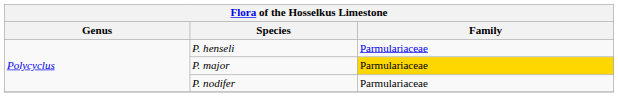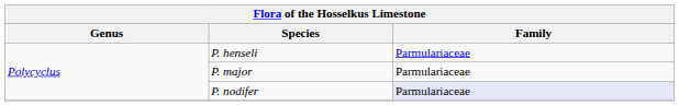 <table class="wikitable sortable mw-collapsible" align="center" width="100%">
 <tr>
 <th colspan="3" align="center"><strong><a href='#'>Flora</a> of the Hosselkus Limestone</strong></th>
 </tr>
 <tr>
 <th>Genus</th>
 <th>Species</th>
 <th>Family</th>
 </tr>
 <tr>
 <td rowspan="3"><em><a href='#'>Polycyclus</a></em></td>
 <td><em>P. henseli</em></td>
 <td><a href='#'>Parmulariaceae</a></td>
 </tr>
 <tr>
 <td><em>P. major</em></td>
-<td style="background: gold;">Parmulariaceae</td>
+<td>Parmulariaceae</td>
 </tr>
 <tr>
 <td><em>P. nodifer</em></td>
-<td>Parmulariaceae</td>
+<td style="background: lavender;">Parmulariaceae</td>
 </tr>
 <tr>
 </tr>
 </table>
